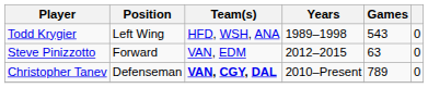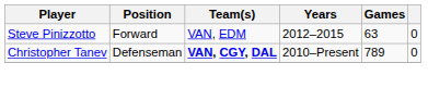 <table class="wikitable sortable">
 <tr>
 <th>Player</th>
 <th>Position</th>
 <th>Team(s)</th>
 <th>Years</th>
 <th>Games</th>
 <th></th>
-</tr>
-<tr>
-<td><a href='#'>Todd Krygier</a></td>
-<td>Left Wing</td>
-<td><a href='#'>HFD</a>, <a href='#'>WSH</a>, <a href='#'>ANA</a></td>
-<td>1989–1998</td>
-<td>543</td>
-<td>0</td>
 </tr>
 <tr>
 <td><a href='#'>Steve Pinizzotto</a></td>
 <td>Forward</td>
 <td><a href='#'>VAN</a>, <a href='#'>EDM</a></td>
 <td>2012–2015</td>
 <td>63</td>
 <td>0</td>
 </tr>
 <tr>
 <td><a href='#'>Christopher Tanev</a></td>
 <td>Defenseman</td>
 <td><strong><a href='#'>VAN</a>, <a href='#'>CGY</a>, <a href='#'>DAL</a></strong></td>
 <td>2010–Present</td>
 <td>789</td>
 <td>0</td>
 </tr>
 <tr>
 </tr>
 </table>
